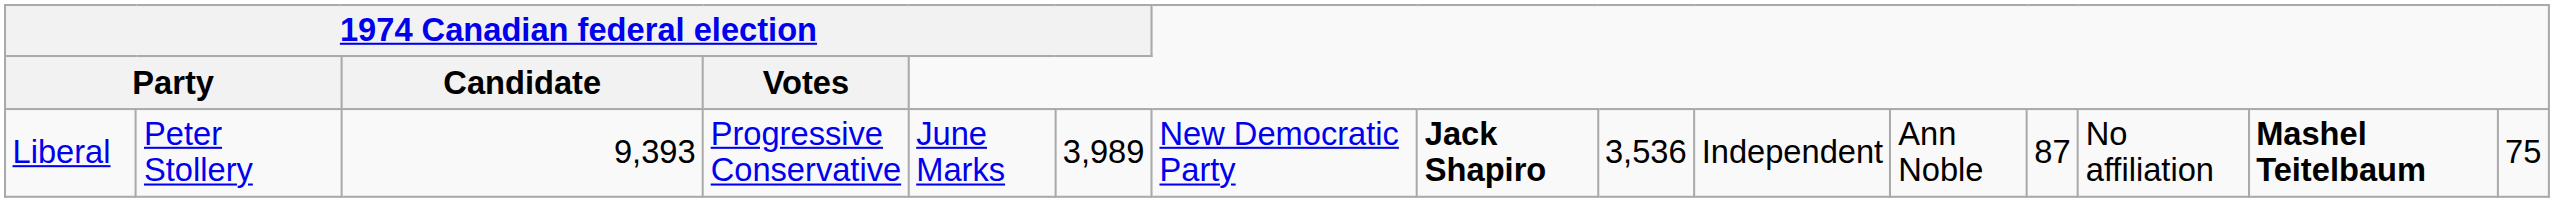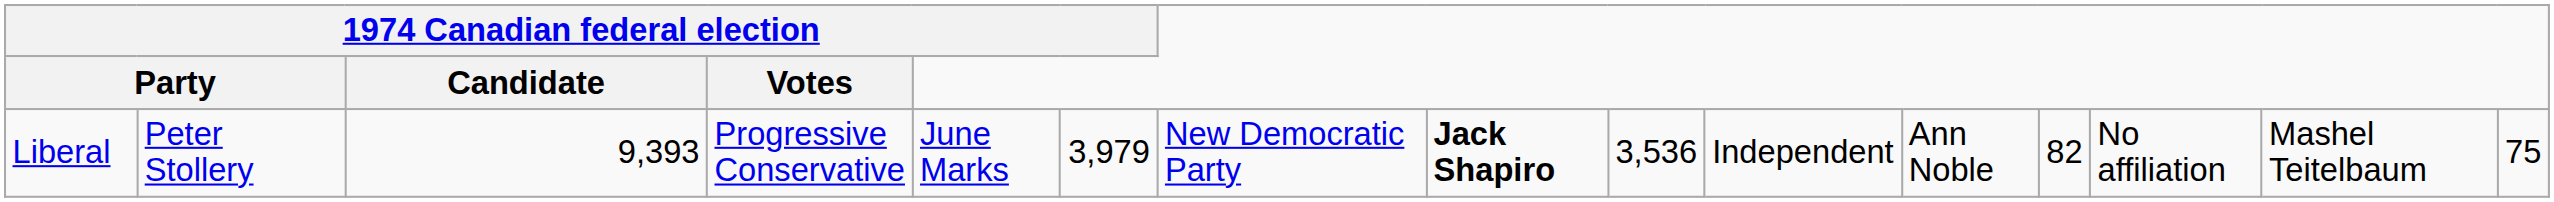 <table class="wikitable">
 <tr style="background:#e9e9e9;">
 <th colspan="6"><a href='#'>1974 Canadian federal election</a></th>
 </tr>
 <tr style="background:#e9e9e9;">
 <th colspan="2" style="width: 200px">Party</th>
 <th style="width: 170px">Candidate</th>
 <th style="width: 40px">Votes</th>
 </tr>
 <tr>
 <td><a href='#'>Liberal</a></td>
 <td><a href='#'>Peter Stollery</a></td>
 <td align="right">9,393<br></td>
 <td><a href='#'>Progressive Conservative</a></td>
 <td><a href='#'>June Marks</a></td>
-<td align="right">3,989<br></td>
+<td align="right">3,979<br></td>
 <td><a href='#'>New Democratic Party</a></td>
 <td><strong>Jack Shapiro</strong></td>
 <td align="right">3,536<br>  </td>
 <td>Independent</td>
 <td>Ann Noble</td>
-<td align="right">87<br></td>
+<td align="right">82<br></td>
 <td>No affiliation</td>
-<td><strong>Mashel Teitelbaum</strong></td>
+<td>Mashel Teitelbaum</td>
 <td align="right">75</td>
 </tr>
 </table>
